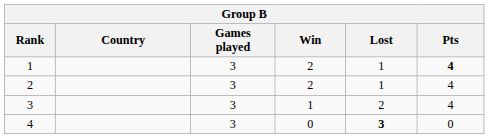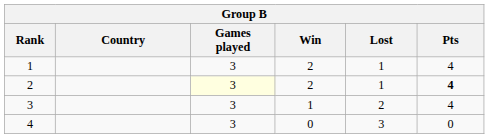 <table class="wikitable" style= "text-align: center; Width:50%">
 <tr>
 <th colspan= 6>Group B</th>
 </tr>
 <tr>
 <th width=2%>Rank</th>
 <th width=10%>Country</th>
 <th width=5%>Games <br> played</th>
 <th width=5%>Win</th>
 <th width=5%>Lost</th>
 <th width=5%>Pts</th>
 </tr>
 <tr>
 <td>1</td>
 <td style= "text-align: left"></td>
 <td>3</td>
 <td>2</td>
 <td>1</td>
-<td><strong>4</strong></td>
+<td>4</td>
 </tr>
 <tr>
 <td>2</td>
 <td style= "text-align: left"></td>
-<td>3</td>
+<td style="background: lightyellow;">3</td>
 <td>2</td>
 <td>1</td>
-<td>4</td>
+<td><strong>4</strong></td>
 </tr>
 <tr>
 <td>3</td>
 <td style= "text-align: left"></td>
 <td>3</td>
 <td>1</td>
 <td>2</td>
 <td>4</td>
 </tr>
 <tr>
 <td>4</td>
 <td style= "text-align: left"></td>
 <td>3</td>
 <td>0</td>
-<td><strong>3</strong></td>
+<td>3</td>
 <td>0</td>
 </tr>
 </table>
